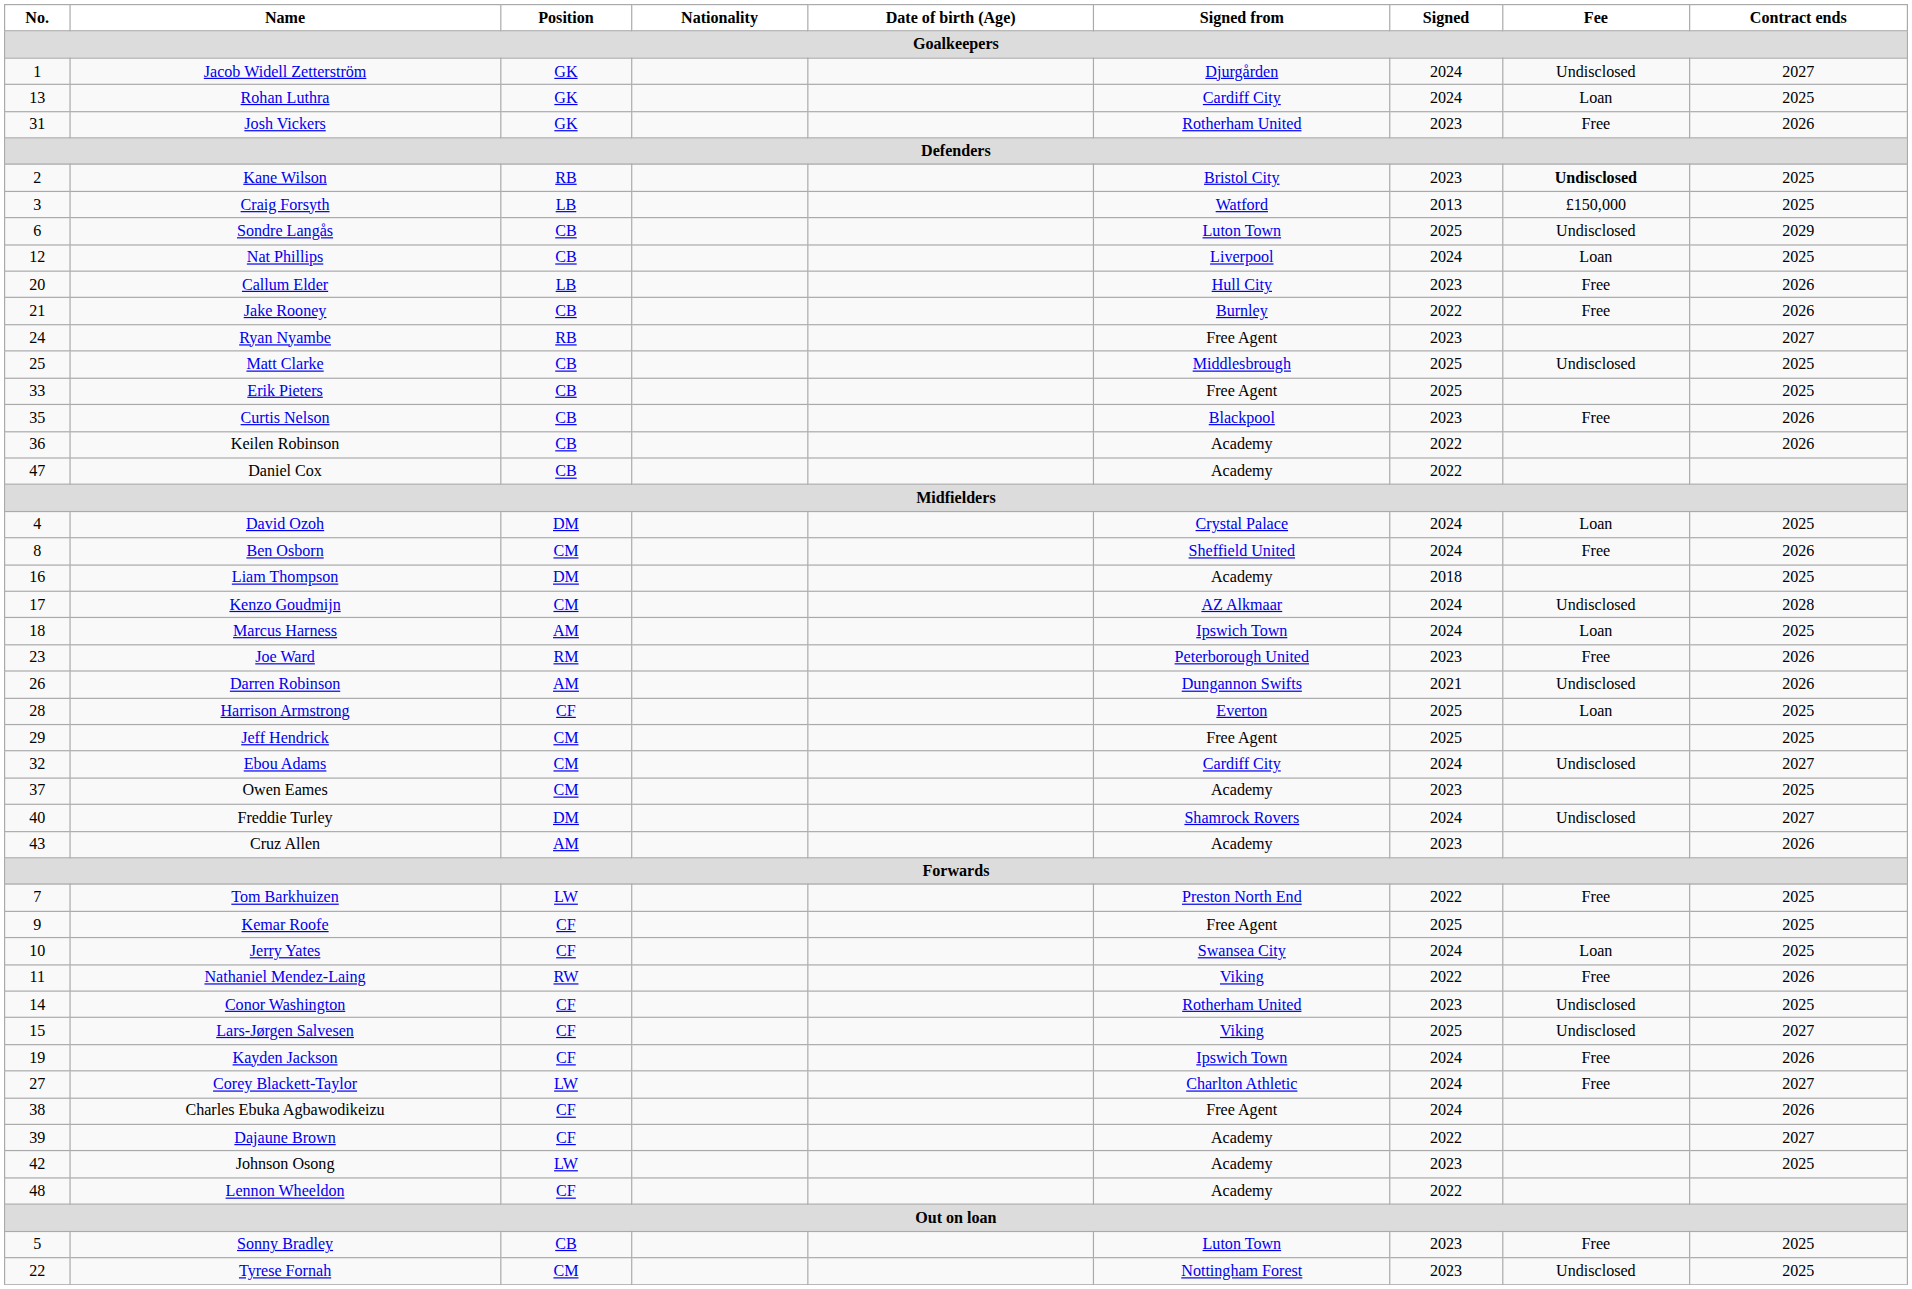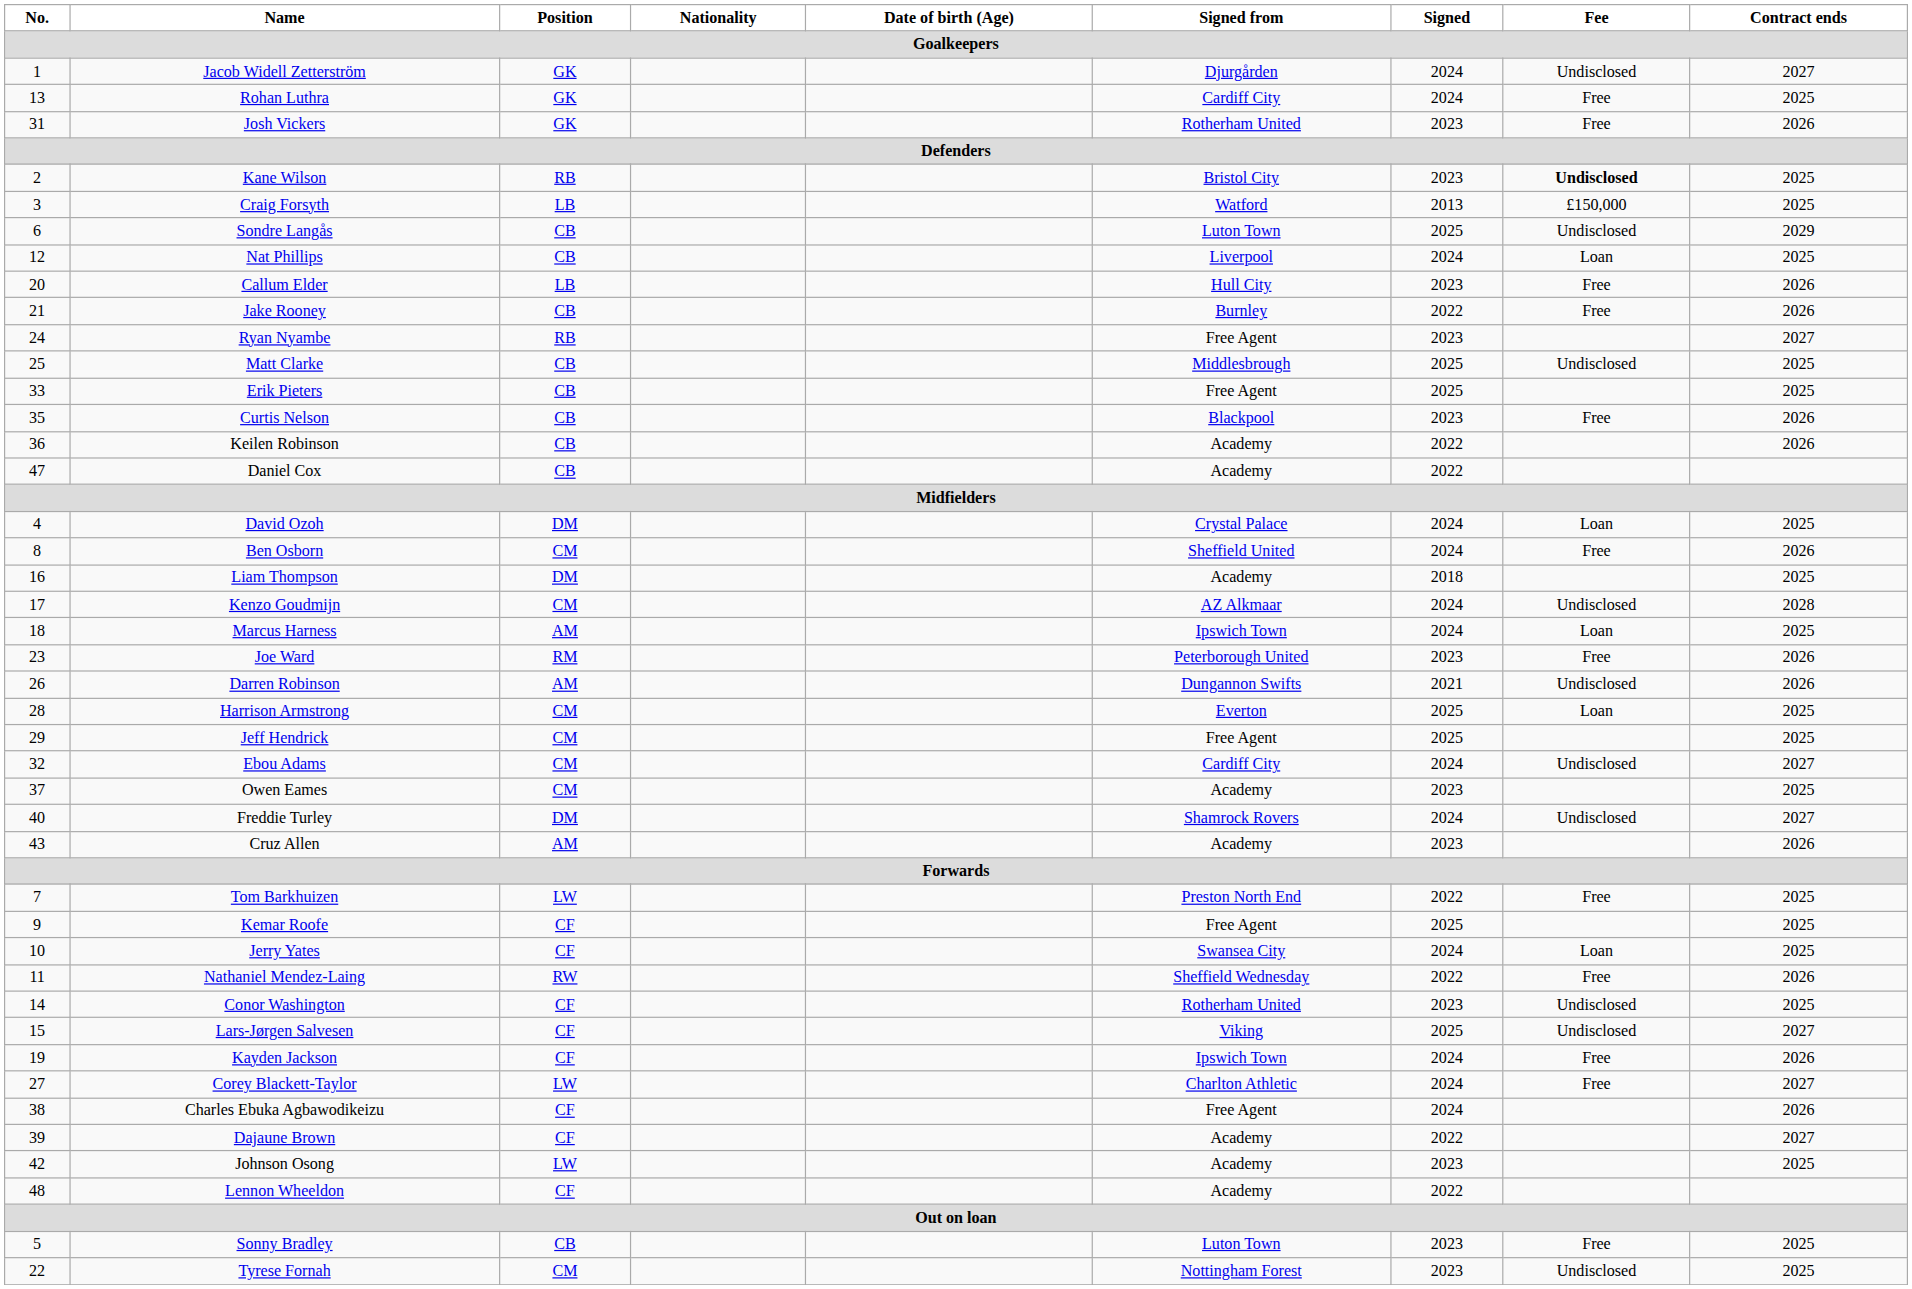 <table class="wikitable" style="text-align:center; font-size:84.5%; width:101%;">
 <tr>
 <th style="color:#000000; background:#ffffff; ">No.</th>
 <th style="color:#000000; background:#ffffff; ">Name</th>
 <th style="color:#000000; background:#ffffff; ">Position</th>
 <th style="color:#000000; background:#ffffff; ">Nationality</th>
 <th style="color:#000000; background:#ffffff; ">Date of birth (Age)</th>
 <th style="color:#000000; background:#ffffff; ">Signed from</th>
 <th style="color:#000000; background:#ffffff; ">Signed</th>
 <th style="color:#000000; background:#ffffff; ">Fee</th>
 <th style="color:#000000; background:#ffffff; ">Contract ends</th>
 </tr>
 <tr>
 <th colspan="14" style="background:#dcdcdc; tepxt-align:center;">Goalkeepers</th>
 </tr>
 <tr>
 <td>1</td>
 <td><a href='#'>Jacob Widell Zetterström</a></td>
 <td><a href='#'>GK</a></td>
 <td></td>
 <td></td>
 <td> <a href='#'>Djurgården</a></td>
 <td>2024</td>
 <td>Undisclosed</td>
 <td>2027</td>
 </tr>
 <tr>
 <td>13</td>
 <td><a href='#'>Rohan Luthra</a></td>
 <td><a href='#'>GK</a></td>
 <td></td>
 <td></td>
 <td> <a href='#'>Cardiff City</a></td>
 <td>2024</td>
-<td>Loan</td>
+<td>Free</td>
 <td>2025</td>
 </tr>
 <tr>
 <td>31</td>
 <td><a href='#'>Josh Vickers</a></td>
 <td><a href='#'>GK</a></td>
 <td></td>
 <td></td>
 <td><a href='#'>Rotherham United</a></td>
 <td>2023</td>
 <td>Free</td>
 <td>2026</td>
 </tr>
 <tr>
 <th colspan="14" style="background:#dcdcdc; tepxt-align:center;">Defenders</th>
 </tr>
 <tr>
 <td>2</td>
 <td><a href='#'>Kane Wilson</a></td>
 <td><a href='#'>RB</a></td>
 <td></td>
 <td></td>
 <td><a href='#'>Bristol City</a></td>
 <td>2023</td>
 <td><strong>Undisclosed</strong></td>
 <td>2025</td>
 </tr>
 <tr>
 <td>3</td>
 <td><a href='#'>Craig Forsyth</a></td>
 <td><a href='#'>LB</a></td>
 <td></td>
 <td></td>
 <td><a href='#'>Watford</a></td>
 <td>2013</td>
 <td>£150,000</td>
 <td>2025</td>
 </tr>
 <tr>
 <td>6</td>
 <td><a href='#'>Sondre Langås</a></td>
 <td><a href='#'>CB</a></td>
 <td></td>
 <td></td>
 <td><a href='#'>Luton Town</a></td>
 <td>2025</td>
 <td>Undisclosed</td>
 <td>2029</td>
 </tr>
 <tr>
 <td>12</td>
 <td><a href='#'>Nat Phillips</a></td>
 <td><a href='#'>CB</a></td>
 <td></td>
 <td></td>
 <td><a href='#'>Liverpool</a></td>
 <td>2024</td>
 <td>Loan</td>
 <td>2025</td>
 </tr>
 <tr>
 <td>20</td>
 <td><a href='#'>Callum Elder</a></td>
 <td><a href='#'>LB</a></td>
 <td></td>
 <td></td>
 <td><a href='#'>Hull City</a></td>
 <td>2023</td>
 <td>Free</td>
 <td>2026</td>
 </tr>
 <tr>
 <td>21</td>
 <td><a href='#'>Jake Rooney</a></td>
 <td><a href='#'>CB</a></td>
 <td></td>
 <td></td>
 <td><a href='#'>Burnley</a></td>
 <td>2022</td>
 <td>Free</td>
 <td>2026</td>
 </tr>
 <tr>
 <td>24</td>
 <td><a href='#'>Ryan Nyambe</a></td>
 <td><a href='#'>RB</a></td>
 <td></td>
 <td></td>
 <td>Free Agent</td>
 <td>2023</td>
 <td></td>
 <td>2027</td>
 </tr>
 <tr>
 <td>25</td>
 <td><a href='#'>Matt Clarke</a></td>
 <td><a href='#'>CB</a></td>
 <td></td>
 <td></td>
 <td><a href='#'>Middlesbrough</a></td>
 <td>2025</td>
 <td>Undisclosed</td>
 <td>2025</td>
 </tr>
 <tr>
 <td>33</td>
 <td><a href='#'>Erik Pieters</a></td>
 <td><a href='#'>CB</a></td>
 <td></td>
 <td></td>
 <td>Free Agent</td>
 <td>2025</td>
 <td></td>
 <td>2025</td>
 </tr>
 <tr>
 <td>35</td>
 <td><a href='#'>Curtis Nelson</a></td>
 <td><a href='#'>CB</a></td>
 <td></td>
 <td></td>
 <td><a href='#'>Blackpool</a></td>
 <td>2023</td>
 <td>Free</td>
 <td>2026</td>
 </tr>
 <tr>
 <td>36</td>
 <td>Keilen Robinson</td>
 <td><a href='#'>CB</a></td>
 <td></td>
 <td></td>
 <td>Academy</td>
 <td>2022</td>
 <td></td>
 <td>2026</td>
 </tr>
 <tr>
 <td>47</td>
 <td>Daniel Cox</td>
 <td><a href='#'>CB</a></td>
 <td></td>
 <td></td>
 <td>Academy</td>
 <td>2022</td>
 <td></td>
 <td></td>
 </tr>
 <tr>
 <th colspan="14" style="background:#dcdcdc; tepxt-align:center;">Midfielders</th>
 </tr>
 <tr>
 <td>4</td>
 <td><a href='#'>David Ozoh</a></td>
 <td><a href='#'>DM</a></td>
 <td></td>
 <td></td>
 <td><a href='#'>Crystal Palace</a></td>
 <td>2024</td>
 <td>Loan</td>
 <td>2025</td>
 </tr>
 <tr>
 <td>8</td>
 <td><a href='#'>Ben Osborn</a></td>
 <td><a href='#'>CM</a></td>
 <td></td>
 <td></td>
 <td><a href='#'>Sheffield United</a></td>
 <td>2024</td>
 <td>Free</td>
 <td>2026</td>
 </tr>
 <tr>
 <td>16</td>
 <td><a href='#'>Liam Thompson</a></td>
 <td><a href='#'>DM</a></td>
 <td></td>
 <td></td>
 <td>Academy</td>
 <td>2018</td>
 <td></td>
 <td>2025</td>
 </tr>
 <tr>
 <td>17</td>
 <td><a href='#'>Kenzo Goudmijn</a></td>
 <td><a href='#'>CM</a></td>
 <td></td>
 <td></td>
 <td> <a href='#'>AZ Alkmaar</a></td>
 <td>2024</td>
 <td>Undisclosed</td>
 <td>2028</td>
 </tr>
 <tr>
 <td>18</td>
 <td><a href='#'>Marcus Harness</a></td>
 <td><a href='#'>AM</a></td>
 <td></td>
 <td></td>
 <td><a href='#'>Ipswich Town</a></td>
 <td>2024</td>
 <td>Loan</td>
 <td>2025</td>
 </tr>
 <tr>
 <td>23</td>
 <td><a href='#'>Joe Ward</a></td>
 <td><a href='#'>RM</a></td>
 <td></td>
 <td></td>
 <td><a href='#'>Peterborough United</a></td>
 <td>2023</td>
 <td>Free</td>
 <td>2026</td>
 </tr>
 <tr>
 <td>26</td>
 <td><a href='#'>Darren Robinson</a></td>
 <td><a href='#'>AM</a></td>
 <td></td>
 <td></td>
 <td> <a href='#'>Dungannon Swifts</a></td>
 <td>2021</td>
 <td>Undisclosed</td>
 <td>2026</td>
 </tr>
 <tr>
 <td>28</td>
 <td><a href='#'>Harrison Armstrong</a></td>
-<td><a href='#'>CF</a></td>
+<td><a href='#'>CM</a></td>
 <td></td>
 <td></td>
 <td><a href='#'>Everton</a></td>
 <td>2025</td>
 <td>Loan</td>
 <td>2025</td>
 </tr>
 <tr>
 <td>29</td>
 <td><a href='#'>Jeff Hendrick</a></td>
 <td><a href='#'>CM</a></td>
 <td></td>
 <td></td>
 <td>Free Agent</td>
 <td>2025</td>
 <td></td>
 <td>2025</td>
 </tr>
 <tr>
 <td>32</td>
 <td><a href='#'>Ebou Adams</a></td>
 <td><a href='#'>CM</a></td>
 <td></td>
 <td></td>
 <td> <a href='#'>Cardiff City</a></td>
 <td>2024</td>
 <td>Undisclosed</td>
 <td>2027</td>
 </tr>
 <tr>
 <td>37</td>
 <td>Owen Eames</td>
 <td><a href='#'>CM</a></td>
 <td></td>
 <td></td>
 <td>Academy</td>
 <td>2023</td>
 <td></td>
 <td>2025</td>
 </tr>
 <tr>
 <td>40</td>
 <td>Freddie Turley</td>
 <td><a href='#'>DM</a></td>
 <td></td>
 <td></td>
 <td> <a href='#'>Shamrock Rovers</a></td>
 <td>2024</td>
 <td>Undisclosed</td>
 <td>2027</td>
 </tr>
 <tr>
 <td>43</td>
 <td>Cruz Allen</td>
 <td><a href='#'>AM</a></td>
 <td></td>
 <td></td>
 <td>Academy</td>
 <td>2023</td>
 <td></td>
 <td>2026</td>
 </tr>
 <tr>
 <th colspan="14" style="background:#dcdcdc; tepxt-align:center;">Forwards</th>
 </tr>
 <tr>
 <td>7</td>
 <td><a href='#'>Tom Barkhuizen</a></td>
 <td><a href='#'>LW</a></td>
 <td></td>
 <td></td>
 <td><a href='#'>Preston North End</a></td>
 <td>2022</td>
 <td>Free</td>
 <td>2025</td>
 </tr>
 <tr>
 <td>9</td>
 <td><a href='#'>Kemar Roofe</a></td>
 <td><a href='#'>CF</a></td>
 <td></td>
 <td></td>
 <td>Free Agent</td>
 <td>2025</td>
 <td></td>
 <td>2025</td>
 </tr>
 <tr>
 <td>10</td>
 <td><a href='#'>Jerry Yates</a></td>
 <td><a href='#'>CF</a></td>
 <td></td>
 <td></td>
 <td> <a href='#'>Swansea City</a></td>
 <td>2024</td>
 <td>Loan</td>
 <td>2025</td>
 </tr>
 <tr>
 <td>11</td>
 <td><a href='#'>Nathaniel Mendez-Laing</a></td>
 <td><a href='#'>RW</a></td>
 <td></td>
 <td></td>
-<td> <a href='#'>Viking</a></td>
+<td><a href='#'>Sheffield Wednesday</a></td>
 <td>2022</td>
 <td>Free</td>
 <td>2026</td>
 </tr>
 <tr>
 <td>14</td>
 <td><a href='#'>Conor Washington</a></td>
 <td><a href='#'>CF</a></td>
 <td></td>
 <td></td>
 <td><a href='#'>Rotherham United</a></td>
 <td>2023</td>
 <td>Undisclosed</td>
 <td>2025</td>
 </tr>
 <tr>
 <td>15</td>
 <td><a href='#'>Lars-Jørgen Salvesen</a></td>
 <td><a href='#'>CF</a></td>
 <td></td>
 <td></td>
 <td> <a href='#'>Viking</a></td>
 <td>2025</td>
 <td>Undisclosed</td>
 <td>2027</td>
 </tr>
 <tr>
 <td>19</td>
 <td><a href='#'>Kayden Jackson</a></td>
 <td><a href='#'>CF</a></td>
 <td></td>
 <td></td>
 <td><a href='#'>Ipswich Town</a></td>
 <td>2024</td>
 <td>Free</td>
 <td>2026</td>
 </tr>
 <tr>
 <td>27</td>
 <td><a href='#'>Corey Blackett-Taylor</a></td>
 <td><a href='#'>LW</a></td>
 <td></td>
 <td></td>
 <td><a href='#'>Charlton Athletic</a></td>
 <td>2024</td>
 <td>Free</td>
 <td>2027</td>
 </tr>
 <tr>
 <td>38</td>
 <td>Charles Ebuka Agbawodikeizu</td>
 <td><a href='#'>CF</a></td>
 <td></td>
 <td></td>
 <td>Free Agent</td>
 <td>2024</td>
 <td></td>
 <td>2026</td>
 </tr>
 <tr>
 <td>39</td>
 <td><a href='#'>Dajaune Brown</a></td>
 <td><a href='#'>CF</a></td>
 <td></td>
 <td></td>
 <td>Academy</td>
 <td>2022</td>
 <td></td>
 <td>2027</td>
 </tr>
 <tr>
 <td>42</td>
 <td>Johnson Osong</td>
 <td><a href='#'>LW</a></td>
 <td></td>
 <td></td>
 <td>Academy</td>
 <td>2023</td>
 <td></td>
 <td>2025</td>
 </tr>
 <tr>
 <td>48</td>
 <td><a href='#'>Lennon Wheeldon</a></td>
 <td><a href='#'>CF</a></td>
 <td></td>
 <td></td>
 <td>Academy</td>
 <td>2022</td>
 <td></td>
 <td></td>
 </tr>
 <tr>
 <th colspan="14" style="background:#dcdcdc; tepxt-align:center;">Out on loan</th>
 </tr>
 <tr>
 <td>5</td>
 <td><a href='#'>Sonny Bradley</a></td>
 <td><a href='#'>CB</a></td>
 <td></td>
 <td></td>
 <td><a href='#'>Luton Town</a></td>
 <td>2023</td>
 <td>Free</td>
 <td>2025</td>
 </tr>
 <tr>
 <td>22</td>
 <td><a href='#'>Tyrese Fornah</a></td>
 <td><a href='#'>CM</a></td>
 <td></td>
 <td></td>
 <td><a href='#'>Nottingham Forest</a></td>
 <td>2023</td>
 <td>Undisclosed</td>
 <td>2025</td>
 </tr>
 <tr>
 </tr>
 </table>
